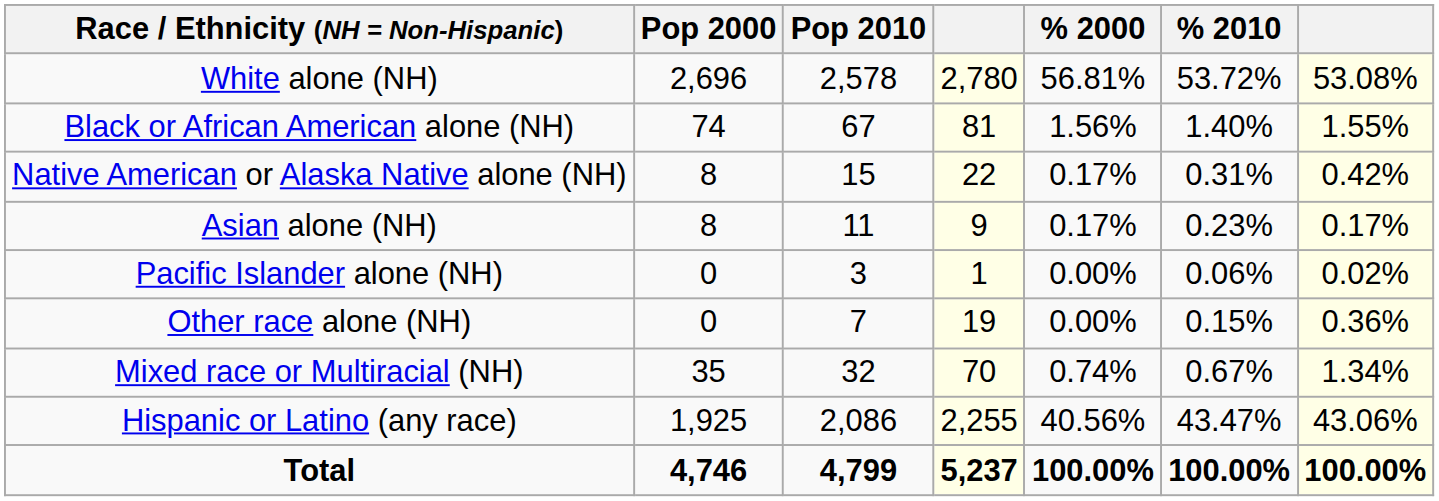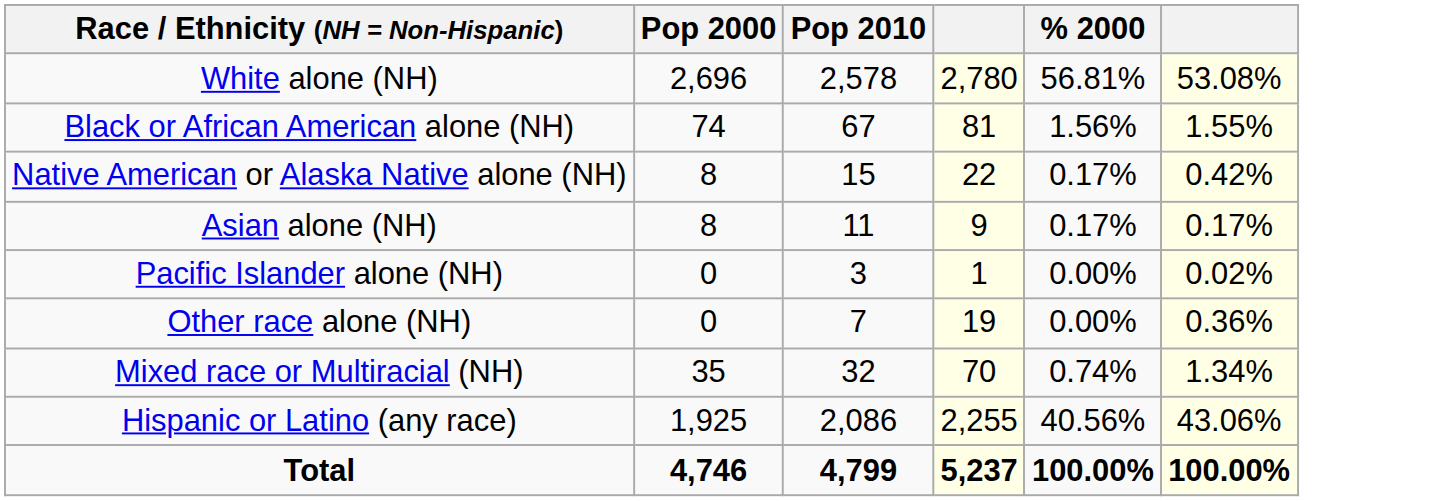 <table class="wikitable" style="text-align:center;">
 <tr>
 <th>Race / Ethnicity <small>(<em>NH = Non-Hispanic</em>)</small></th>
 <th>Pop 2000</th>
 <th>Pop 2010</th>
 <th></th>
 <th>% 2000</th>
-<th>% 2010</th>
 <th></th>
 </tr>
 <tr>
 <td><a href='#'>White</a> alone (NH)</td>
 <td>2,696</td>
 <td>2,578</td>
 <td style='background: #ffffe6;'>2,780</td>
 <td>56.81%</td>
-<td>53.72%</td>
 <td style='background: #ffffe6;'>53.08%</td>
 </tr>
 <tr>
 <td><a href='#'>Black or African American</a> alone (NH)</td>
 <td>74</td>
 <td>67</td>
 <td style='background: #ffffe6;'>81</td>
 <td>1.56%</td>
-<td>1.40%</td>
 <td style='background: #ffffe6;'>1.55%</td>
 </tr>
 <tr>
 <td><a href='#'>Native American</a> or <a href='#'>Alaska Native</a> alone (NH)</td>
 <td>8</td>
 <td>15</td>
 <td style='background: #ffffe6;'>22</td>
 <td>0.17%</td>
-<td>0.31%</td>
 <td style='background: #ffffe6;'>0.42%</td>
 </tr>
 <tr>
 <td><a href='#'>Asian</a> alone (NH)</td>
 <td>8</td>
 <td>11</td>
 <td style='background: #ffffe6;'>9</td>
 <td>0.17%</td>
-<td>0.23%</td>
 <td style='background: #ffffe6;'>0.17%</td>
 </tr>
 <tr>
 <td><a href='#'>Pacific Islander</a> alone (NH)</td>
 <td>0</td>
 <td>3</td>
 <td style='background: #ffffe6;'>1</td>
 <td>0.00%</td>
-<td>0.06%</td>
 <td style='background: #ffffe6;'>0.02%</td>
 </tr>
 <tr>
 <td><a href='#'>Other race</a> alone (NH)</td>
 <td>0</td>
 <td>7</td>
 <td style='background: #ffffe6;'>19</td>
 <td>0.00%</td>
-<td>0.15%</td>
 <td style='background: #ffffe6;'>0.36%</td>
 </tr>
 <tr>
 <td><a href='#'>Mixed race or Multiracial</a> (NH)</td>
 <td>35</td>
 <td>32</td>
 <td style='background: #ffffe6;'>70</td>
 <td>0.74%</td>
-<td>0.67%</td>
 <td style='background: #ffffe6;'>1.34%</td>
 </tr>
 <tr>
 <td><a href='#'>Hispanic or Latino</a> (any race)</td>
 <td>1,925</td>
 <td>2,086</td>
 <td style='background: #ffffe6;'>2,255</td>
 <td>40.56%</td>
-<td>43.47%</td>
 <td style='background: #ffffe6;'>43.06%</td>
 </tr>
 <tr>
 <td><strong>Total</strong></td>
 <td><strong>4,746</strong></td>
 <td><strong>4,799</strong></td>
 <td style='background: #ffffe6;'><strong>5,237</strong></td>
 <td><strong>100.00%</strong></td>
-<td><strong>100.00%</strong></td>
 <td style='background: #ffffe6;'><strong>100.00%</strong></td>
 </tr>
 </table>
